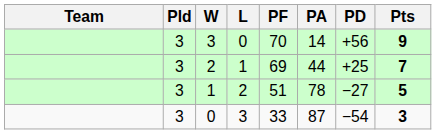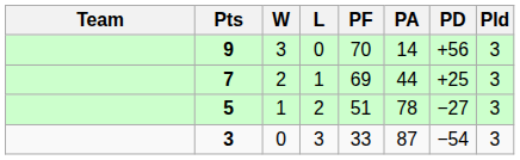 <table class="wikitable" style="text-align:center;">
 <tr>
 <th width="155">Team</th>
-<th width="25">Pld</th>
+<th width="50">Pts</th>
 <th width="25">W</th>
 <th width="25">L</th>
 <th width="32">PF</th>
 <th width="32">PA</th>
 <th width="32">PD</th>
-<th width="50">Pts</th>
+<th width="25">Pld</th>
 </tr>
 <tr style="background:#ccffcc">
 <td align="left"></td>
-<td>3</td>
+<td><strong>9</strong></td>
 <td>3</td>
 <td>0</td>
 <td>70</td>
 <td>14</td>
 <td>+56</td>
-<td><strong>9</strong></td>
+<td>3</td>
 </tr>
 <tr style="background:#ccffcc">
 <td align="left"></td>
-<td>3</td>
+<td><strong>7</strong></td>
 <td>2</td>
 <td>1</td>
 <td>69</td>
 <td>44</td>
 <td>+25</td>
-<td><strong>7</strong></td>
+<td>3</td>
 </tr>
 <tr style="background:#ccffcc">
 <td align="left"></td>
-<td>3</td>
+<td><strong>5</strong></td>
 <td>1</td>
 <td>2</td>
 <td>51</td>
 <td>78</td>
 <td>−27</td>
-<td><strong>5</strong></td>
+<td>3</td>
 </tr>
 <tr>
 <td align="left"></td>
-<td>3</td>
+<td><strong>3</strong></td>
 <td>0</td>
 <td>3</td>
 <td>33</td>
 <td>87</td>
 <td>−54</td>
-<td><strong>3</strong></td>
+<td>3</td>
 </tr>
 </table>
